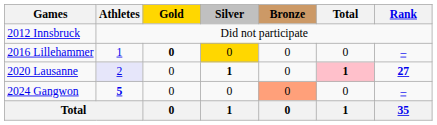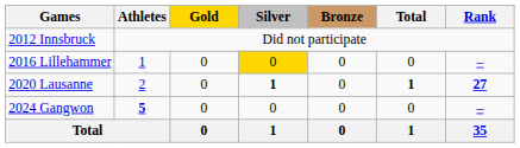 <table class="wikitable" style="text-align:center; font-size:90%;">
 <tr>
 <th>Games</th>
 <th>Athletes</th>
 <td style="background:gold; width:4.5em; font-weight:bold;">Gold</td>
 <td style="background:silver; width:4.5em; font-weight:bold;">Silver</td>
 <td style="background:#cc9966; width:4.5em; font-weight:bold;">Bronze</td>
 <th style="width:4.5em; font-weight:bold;">Total</th>
 <th style="width:4.5em; font-weight:bold;"><a href='#'>Rank</a></th>
 </tr>
 <tr>
 <td align=left> <a href='#'>2012 Innsbruck</a></td>
 <td colspan=6>Did not participate</td>
 </tr>
 <tr>
 <td align=left> <a href='#'>2016 Lillehammer</a></td>
 <td><a href='#'>1</a></td>
-<td><strong>0</strong></td>
+<td>0</td>
 <td style="background: gold;">0</td>
 <td>0</td>
 <td>0</td>
 <td><a href='#'>–</a></td>
 </tr>
 <tr>
 <td align=left> <a href='#'>2020 Lausanne</a></td>
-<td style="background: lavender;"><a href='#'>2</a></td>
+<td><a href='#'>2</a></td>
 <td>0</td>
 <td><strong>1</strong></td>
 <td>0</td>
-<td style="background: pink;"><strong>1</strong></td>
+<td><strong>1</strong></td>
 <td><strong><a href='#'>27</a></strong></td>
 </tr>
 <tr>
 <td align=left> <a href='#'>2024 Gangwon</a></td>
 <td><strong><a href='#'>5</a></strong></td>
 <td>0</td>
 <td>0</td>
-<td style="background: lightsalmon;">0</td>
+<td>0</td>
 <td>0</td>
 <td><a href='#'>–</a></td>
 </tr>
 <tr>
 <th colspan=2>Total</th>
 <th>0</th>
 <th>1</th>
 <th>0</th>
 <th>1</th>
 <th><a href='#'>35</a></th>
 </tr>
 </table>
